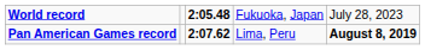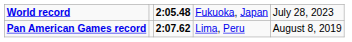 <table class="wikitable">
 <tr>
 <td><strong><a href='#'>World record</a></strong></td>
 <td></td>
 <td><strong>2:05.48</strong></td>
 <td><a href='#'>Fukuoka</a>, <a href='#'>Japan</a></td>
 <td>July 28, 2023</td>
 </tr>
 <tr>
 <td><strong><a href='#'>Pan American Games record</a></strong></td>
 <td></td>
 <td><strong>2:07.62</strong></td>
 <td><a href='#'>Lima</a>, <a href='#'>Peru</a></td>
-<td><strong>August 8, 2019</strong></td>
+<td>August 8, 2019</td>
 </tr>
 </table>
